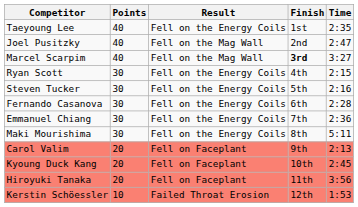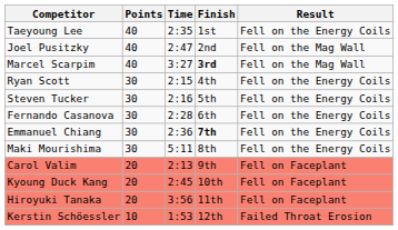 <table class="wikitable sortable">
 <tr>
 <th>Competitor</th>
 <th>Points</th>
+<th>Time</th>
+<th>Finish</th>
 <th>Result</th>
-<th>Finish</th>
-<th>Time</th>
 </tr>
 <tr>
 <td> Taeyoung Lee</td>
 <td>40</td>
+<td>2:35</td>
+<td>1st</td>
 <td>Fell on the Energy Coils</td>
-<td>1st</td>
-<td>2:35</td>
 </tr>
 <tr>
 <td> Joel Pusitzky</td>
 <td>40</td>
+<td>2:47</td>
+<td>2nd</td>
 <td>Fell on the Mag Wall</td>
-<td>2nd</td>
-<td>2:47</td>
 </tr>
 <tr>
 <td> Marcel Scarpim</td>
 <td>40</td>
+<td>3:27</td>
+<td><strong>3rd</strong></td>
 <td>Fell on the Mag Wall</td>
-<td><strong>3rd</strong></td>
-<td>3:27</td>
 </tr>
 <tr>
 <td> Ryan Scott</td>
 <td>30</td>
+<td>2:15</td>
+<td>4th</td>
 <td>Fell on the Energy Coils</td>
-<td>4th</td>
-<td>2:15</td>
 </tr>
 <tr style="background-color:">
 <td> Steven Tucker</td>
 <td>30</td>
+<td>2:16</td>
+<td>5th</td>
 <td>Fell on the Energy Coils</td>
-<td>5th</td>
-<td>2:16</td>
 </tr>
 <tr>
 <td> Fernando Casanova</td>
 <td>30</td>
+<td>2:28</td>
+<td>6th</td>
 <td>Fell on the Energy Coils</td>
-<td>6th</td>
-<td>2:28</td>
 </tr>
 <tr>
 <td> Emmanuel Chiang</td>
 <td>30</td>
+<td>2:36</td>
+<td><strong>7th</strong></td>
 <td>Fell on the Energy Coils</td>
-<td>7th</td>
-<td>2:36</td>
 </tr>
 <tr>
 <td> Maki Mourishima</td>
 <td>30</td>
+<td>5:11</td>
+<td>8th</td>
 <td>Fell on the Energy Coils</td>
-<td>8th</td>
-<td>5:11</td>
 </tr>
 <tr style="background-color:#fa8072">
 <td> Carol Valim</td>
 <td>20</td>
+<td>2:13</td>
+<td>9th</td>
 <td>Fell on Faceplant</td>
-<td>9th</td>
-<td>2:13</td>
 </tr>
 <tr style="background-color:#fa8072">
 <td> Kyoung Duck Kang</td>
 <td>20</td>
+<td>2:45</td>
+<td>10th</td>
 <td>Fell on Faceplant</td>
-<td>10th</td>
-<td>2:45</td>
 </tr>
 <tr style="background-color:#fa8072">
 <td> Hiroyuki Tanaka</td>
 <td>20</td>
+<td>3:56</td>
+<td>11th</td>
 <td>Fell on Faceplant</td>
-<td>11th</td>
-<td>3:56</td>
 </tr>
 <tr style="background-color:#fa8072">
 <td> Kerstin Schöessler</td>
 <td>10</td>
+<td>1:53</td>
+<td>12th</td>
 <td>Failed Throat Erosion</td>
-<td>12th</td>
-<td>1:53</td>
 </tr>
 </table>
